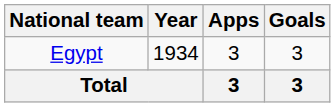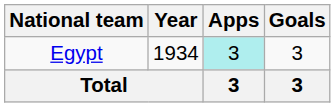 <table class="wikitable" style="text-align:center">
 <tr>
 <th>National team</th>
 <th>Year</th>
 <th>Apps</th>
 <th>Goals</th>
 </tr>
 <tr>
 <td><a href='#'>Egypt</a></td>
 <td>1934</td>
-<td>3</td>
+<td style="background: paleturquoise;">3</td>
 <td>3</td>
 </tr>
 <tr>
 <th colspan="2">Total</th>
 <th>3</th>
 <th>3</th>
 </tr>
 </table>
